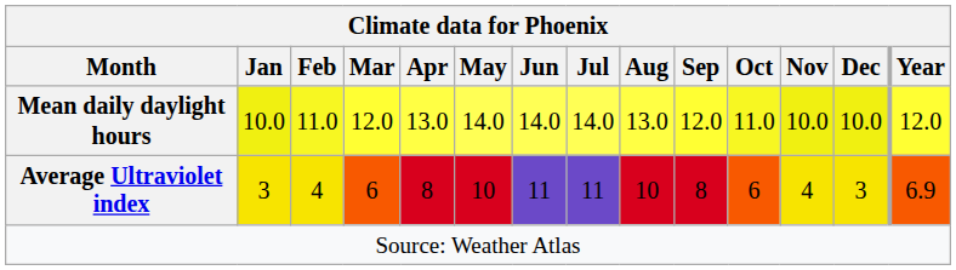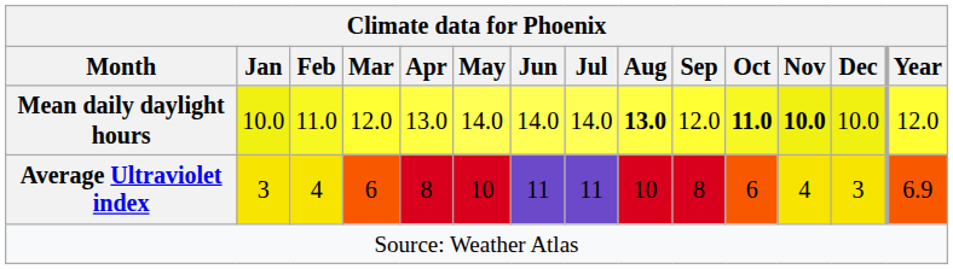 <table style="width:100%;text-align:center;line-height:1.2em;margin-left:auto;margin-right:auto" class="wikitable mw-collapsible">
 <tr>
 <th Colspan=14>Climate data for Phoenix</th>
 </tr>
 <tr>
 <th>Month</th>
 <th>Jan</th>
 <th>Feb</th>
 <th>Mar</th>
 <th>Apr</th>
 <th>May</th>
 <th>Jun</th>
 <th>Jul</th>
 <th>Aug</th>
 <th>Sep</th>
 <th>Oct</th>
 <th>Nov</th>
 <th>Dec</th>
 <th style="border-left-width:medium">Year</th>
 </tr>
 <tr>
 <th>Mean daily daylight hours</th>
 <td style="background:#F0F011;color:#000000;">10.0</td>
 <td style="background:#F7F722;color:#000000;">11.0</td>
 <td style="background:#FFFF33;color:#000000;">12.0</td>
 <td style="background:#FFFF44;color:#000000;">13.0</td>
 <td style="background:#FFFF55;color:#000000;">14.0</td>
 <td style="background:#FFFF55;color:#000000;">14.0</td>
 <td style="background:#FFFF55;color:#000000;">14.0</td>
-<td style="background:#FFFF44;color:#000000;">13.0</td>
+<td style="background:#FFFF44;color:#000000;"><strong>13.0</strong></td>
 <td style="background:#FFFF33;color:#000000;">12.0</td>
-<td style="background:#F7F722;color:#000000;">11.0</td>
-<td style="background:#F0F011;color:#000000;">10.0</td>
+<td style="background:#F7F722;color:#000000;"><strong>11.0</strong></td>
+<td style="background:#F0F011;color:#000000;"><strong>10.0</strong></td>
 <td style="background:#F0F011;color:#000000;">10.0</td>
 <td style="background:#FFFF33;color:#000000;border-left-width:medium">12.0</td>
 </tr>
 <tr>
 <th>Average <a href='#'>Ultraviolet index</a></th>
 <td style="background:#f7e400;color:#000000;">3</td>
 <td style="background:#f7e400;color:#000000;">4</td>
 <td style="background:#f85900;color:#000000;">6</td>
 <td style="background:#d8001d;color:#000000;">8</td>
 <td style="background:#d8001d;color:#000000;">10</td>
 <td style="background:#6b49c8;color:#000000;">11</td>
 <td style="background:#6b49c8;color:#000000;">11</td>
 <td style="background:#d8001d;color:#000000;">10</td>
 <td style="background:#d8001d;color:#000000;">8</td>
 <td style="background:#f85900;color:#000000;">6</td>
 <td style="background:#f7e400;color:#000000;">4</td>
 <td style="background:#f7e400;color:#000000;">3</td>
 <td style="background:#f85900;color:#000000;border-left-width:medium">6.9</td>
 </tr>
 <tr>
 <th Colspan=14 style="background:#f8f9fa;font-weight:normal;font-size:95%;">Source: Weather Atlas </th>
 </tr>
 </table>
